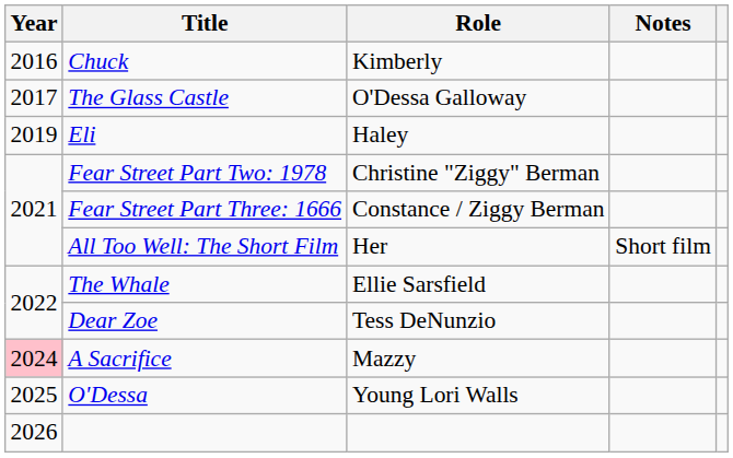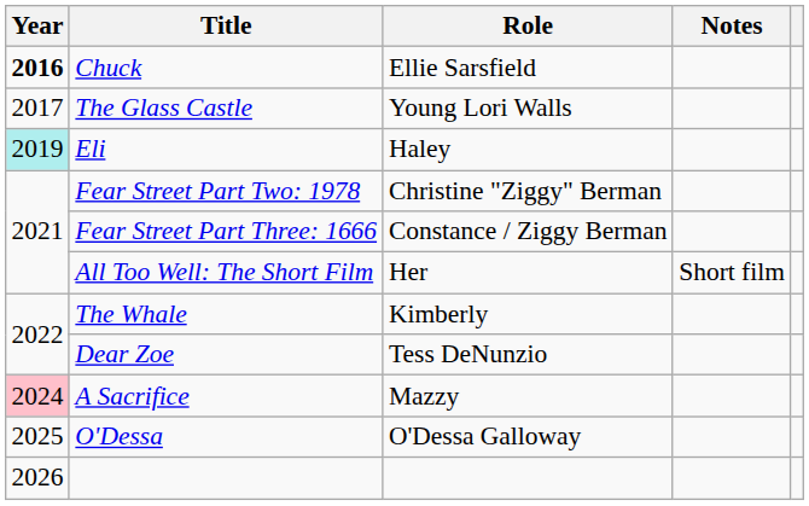 <table class="wikitable sortable">
 <tr>
 <th scope="col">Year</th>
 <th scope="col">Title</th>
 <th scope="col">Role</th>
 <th scope="col" class=unsortable>Notes</th>
 <th scope="col" class=unsortable></th>
 </tr>
 <tr>
-<td>2016</td>
+<td><strong>2016</strong></td>
 <td><em><a href='#'>Chuck</a></em></td>
-<td>Kimberly</td>
+<td data-sort-value="Sarsfield, Ellie">Ellie Sarsfield</td>
 <td></td>
 <td style="text-align:center;"></td>
 </tr>
 <tr>
 <td>2017</td>
 <td data-sort-value="Glass Castle, The"><em><a href='#'>The Glass Castle</a></em></td>
-<td>O'Dessa Galloway</td>
+<td data-sort-value="Walls, Lori, Young">Young Lori Walls</td>
 <td></td>
 <td style="text-align:center;"></td>
 </tr>
 <tr>
-<td>2019</td>
+<td style="background: paleturquoise;">2019</td>
 <td><em><a href='#'>Eli</a></em></td>
 <td>Haley</td>
 <td></td>
 <td style="text-align:center;"></td>
 </tr>
 <tr>
 <td rowspan="3">2021</td>
 <td><em><a href='#'>Fear Street Part Two: 1978</a></em></td>
 <td data-sort-value="Berman, Ziggy">Christine "Ziggy" Berman</td>
 <td></td>
 <td style="text-align:center;"></td>
 </tr>
 <tr>
 <td><em><a href='#'>Fear Street Part Three: 1666</a></em></td>
 <td data-sort-value="Constance / Berman, Ziggy">Constance / Ziggy Berman</td>
 <td></td>
 <td style="text-align:center;"></td>
 </tr>
 <tr>
 <td><em><a href='#'>All Too Well: The Short Film</a></em></td>
 <td>Her</td>
 <td>Short film</td>
 <td style="text-align:center;"></td>
 </tr>
 <tr>
 <td rowspan="2">2022</td>
 <td data-sort-value="Whale, The"><em><a href='#'>The Whale</a></em></td>
-<td data-sort-value="Sarsfield, Ellie">Ellie Sarsfield</td>
+<td>Kimberly</td>
 <td></td>
 <td style="text-align:center;"></td>
 </tr>
 <tr>
 <td><em><a href='#'>Dear Zoe</a></em></td>
 <td data-sort-value="DeNunzio, Tess">Tess DeNunzio</td>
 <td></td>
 <td style="text-align:center;"></td>
 </tr>
 <tr>
 <td style="background: pink;">2024</td>
 <td><em><a href='#'>A Sacrifice</a></em></td>
 <td>Mazzy</td>
 <td></td>
 <td style="text-align:center;"></td>
 </tr>
 <tr>
 <td data-sort-value="30000">2025</td>
 <td><em><a href='#'>O'Dessa</a></em></td>
-<td data-sort-value="Walls, Lori, Young">Young Lori Walls</td>
+<td>O'Dessa Galloway</td>
 <td></td>
 <td style="text-align:center;"></td>
 </tr>
 <tr>
 <td>2026</td>
 <td></td>
 <td></td>
 <td></td>
 <td style="text-align: center;"></td>
 </tr>
 </table>
